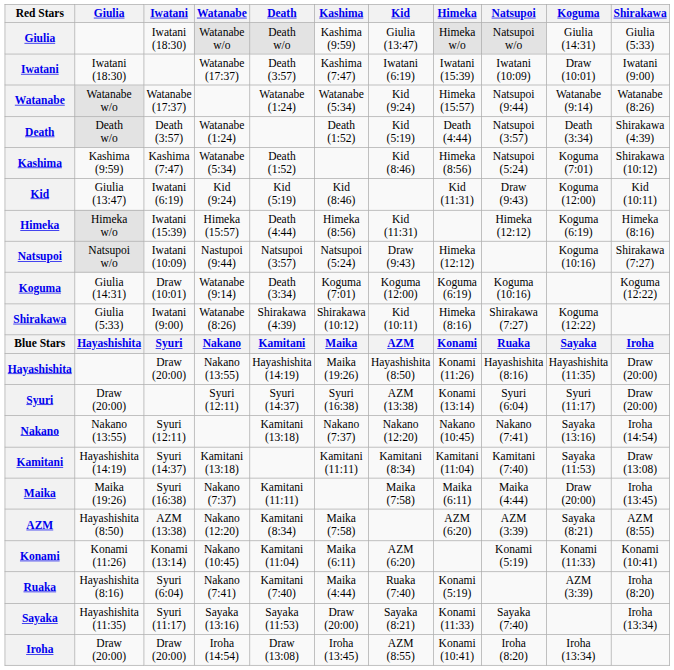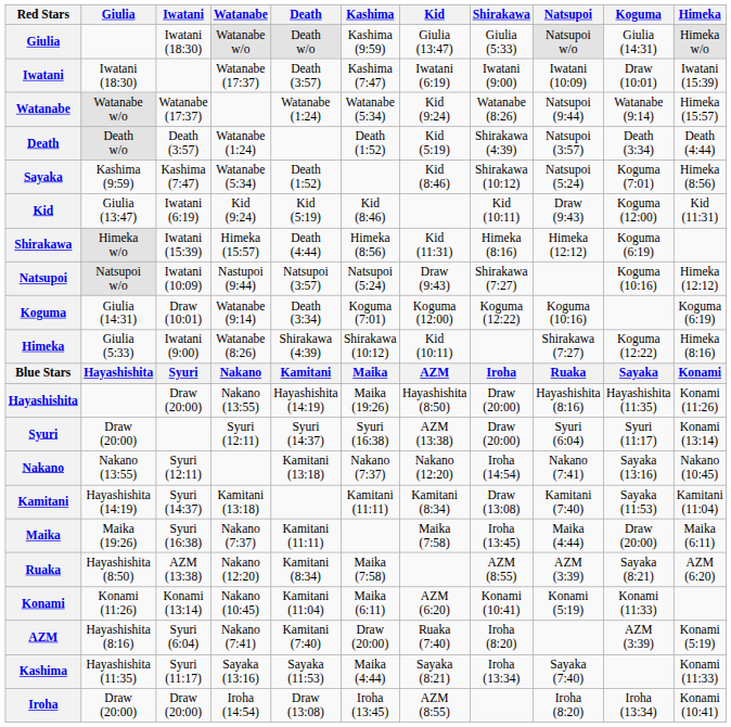 <table class="wikitable" style="text-align:center; margin: 1em auto 1em auto;" width="25%">
 <tr>
 <th>Red Stars</th>
 <th><a href='#'>Giulia</a></th>
 <th><a href='#'>Iwatani</a></th>
 <th><a href='#'>Watanabe</a></th>
 <th><a href='#'>Death</a></th>
 <th><a href='#'>Kashima</a></th>
 <th><a href='#'>Kid</a></th>
-<th><a href='#'>Himeka</a></th>
+<th><a href='#'>Shirakawa</a></th>
 <th><a href='#'>Natsupoi</a></th>
 <th><a href='#'>Koguma</a></th>
-<th><a href='#'>Shirakawa</a></th>
+<th><a href='#'>Himeka</a></th>
 </tr>
 <tr>
 <th><a href='#'>Giulia</a></th>
 <td></td>
 <td>Iwatani<br>(18:30)</td>
 <td style="background-color:#e3e3e3">Watanabe<br>w/o</td>
 <td style="background-color:#e3e3e3">Death<br>w/o</td>
 <td>Kashima<br>(9:59)</td>
 <td>Giulia<br>(13:47)</td>
-<td style="background-color:#e3e3e3">Himeka<br>w/o</td>
+<td>Giulia<br>(5:33)</td>
 <td style="background-color:#e3e3e3">Natsupoi<br>w/o</td>
 <td>Giulia<br>(14:31)</td>
-<td>Giulia<br>(5:33)</td>
+<td style="background-color:#e3e3e3">Himeka<br>w/o</td>
 </tr>
 <tr>
 <th><a href='#'>Iwatani</a></th>
 <td>Iwatani<br>(18:30)</td>
 <td></td>
 <td>Watanabe<br>(17:37)</td>
 <td>Death<br>(3:57)</td>
 <td>Kashima<br>(7:47)</td>
 <td>Iwatani<br>(6:19)</td>
-<td>Iwatani<br>(15:39)</td>
+<td>Iwatani<br>(9:00)</td>
 <td>Iwatani<br>(10:09)</td>
 <td>Draw<br>(10:01)</td>
-<td>Iwatani<br>(9:00)</td>
+<td>Iwatani<br>(15:39)</td>
 </tr>
 <tr>
 <th><a href='#'>Watanabe</a></th>
 <td style="background-color:#e3e3e3">Watanabe<br>w/o</td>
 <td>Watanabe<br>(17:37)</td>
 <td></td>
 <td>Watanabe<br>(1:24)</td>
 <td>Watanabe<br>(5:34)</td>
 <td>Kid<br>(9:24)</td>
-<td>Himeka<br>(15:57)</td>
+<td>Watanabe<br>(8:26)</td>
 <td>Natsupoi<br>(9:44)</td>
 <td>Watanabe<br>(9:14)</td>
-<td>Watanabe<br>(8:26)</td>
+<td>Himeka<br>(15:57)</td>
 </tr>
 <tr>
 <th><a href='#'>Death</a></th>
 <td style="background-color:#e3e3e3">Death<br>w/o</td>
 <td>Death<br>(3:57)</td>
 <td>Watanabe<br>(1:24)</td>
 <td></td>
 <td>Death<br>(1:52)</td>
 <td>Kid<br>(5:19)</td>
-<td>Death<br>(4:44)</td>
+<td>Shirakawa<br>(4:39)</td>
 <td>Natsupoi<br>(3:57)</td>
 <td>Death<br>(3:34)</td>
-<td>Shirakawa<br>(4:39)</td>
+<td>Death<br>(4:44)</td>
 </tr>
 <tr>
-<th><a href='#'>Kashima</a></th>
+<th><a href='#'>Sayaka</a></th>
 <td>Kashima<br>(9:59)</td>
 <td>Kashima<br>(7:47)</td>
 <td>Watanabe<br>(5:34)</td>
 <td>Death<br>(1:52)</td>
 <td></td>
 <td>Kid<br>(8:46)</td>
-<td>Himeka (8:56)</td>
+<td>Shirakawa<br>(10:12)</td>
 <td>Natsupoi<br>(5:24)</td>
 <td>Koguma<br>(7:01)</td>
-<td>Shirakawa<br>(10:12)</td>
+<td>Himeka (8:56)</td>
 </tr>
 <tr>
 <th><a href='#'>Kid</a></th>
 <td>Giulia<br>(13:47)</td>
 <td>Iwatani<br>(6:19)</td>
 <td>Kid<br>(9:24)</td>
 <td>Kid<br>(5:19)</td>
 <td>Kid<br>(8:46)</td>
 <td></td>
-<td>Kid<br>(11:31)</td>
+<td>Kid<br>(10:11)</td>
 <td>Draw<br>(9:43)</td>
 <td>Koguma<br>(12:00)</td>
-<td>Kid<br>(10:11)</td>
+<td>Kid<br>(11:31)</td>
 </tr>
 <tr>
-<th><a href='#'>Himeka</a></th>
+<th><a href='#'>Shirakawa</a></th>
 <td style="background-color:#e3e3e3">Himeka<br>w/o</td>
 <td>Iwatani<br>(15:39)</td>
 <td>Himeka<br>(15:57)</td>
 <td>Death<br>(4:44)</td>
 <td>Himeka (8:56)</td>
 <td>Kid<br>(11:31)</td>
-<td></td>
+<td>Himeka<br>(8:16)</td>
 <td>Himeka<br>(12:12)</td>
 <td>Koguma<br>(6:19)</td>
-<td>Himeka<br>(8:16)</td>
+<td></td>
 </tr>
 <tr>
 <th><a href='#'>Natsupoi</a></th>
 <td style="background-color:#e3e3e3">Natsupoi<br>w/o</td>
 <td>Iwatani<br>(10:09)</td>
 <td>Nastupoi<br>(9:44)</td>
 <td>Natsupoi<br>(3:57)</td>
 <td>Natsupoi<br>(5:24)</td>
 <td>Draw<br>(9:43)</td>
-<td>Himeka<br>(12:12)</td>
+<td>Shirakawa<br>(7:27)</td>
 <td></td>
 <td>Koguma<br>(10:16)</td>
-<td>Shirakawa<br>(7:27)</td>
+<td>Himeka<br>(12:12)</td>
 </tr>
 <tr>
 <th><a href='#'>Koguma</a></th>
 <td>Giulia<br>(14:31)</td>
 <td>Draw<br>(10:01)</td>
 <td>Watanabe<br>(9:14)</td>
 <td>Death<br>(3:34)</td>
 <td>Koguma<br>(7:01)</td>
 <td>Koguma<br>(12:00)</td>
-<td>Koguma<br>(6:19)</td>
+<td>Koguma (12:22)</td>
 <td>Koguma<br>(10:16)</td>
 <td></td>
-<td>Koguma (12:22)</td>
+<td>Koguma<br>(6:19)</td>
 </tr>
 <tr>
-<th><a href='#'>Shirakawa</a></th>
+<th><a href='#'>Himeka</a></th>
 <td>Giulia<br>(5:33)</td>
 <td>Iwatani<br>(9:00)</td>
 <td>Watanabe<br>(8:26)</td>
 <td>Shirakawa<br>(4:39)</td>
 <td>Shirakawa<br>(10:12)</td>
 <td>Kid<br>(10:11)</td>
-<td>Himeka<br>(8:16)</td>
+<td></td>
 <td>Shirakawa<br>(7:27)</td>
 <td>Koguma (12:22)</td>
-<td></td>
+<td>Himeka<br>(8:16)</td>
 </tr>
 <tr>
 <th>Blue Stars</th>
 <th><a href='#'>Hayashishita</a></th>
 <th><a href='#'>Syuri</a></th>
 <th><a href='#'>Nakano</a></th>
 <th><a href='#'>Kamitani</a></th>
 <th><a href='#'>Maika</a></th>
 <th><a href='#'>AZM</a></th>
-<th><a href='#'>Konami</a></th>
+<th><a href='#'>Iroha</a></th>
 <th><a href='#'>Ruaka</a></th>
 <th><a href='#'>Sayaka</a></th>
-<th><a href='#'>Iroha</a></th>
+<th><a href='#'>Konami</a></th>
 </tr>
 <tr>
 <th><a href='#'>Hayashishita</a></th>
 <td></td>
 <td>Draw<br>(20:00)</td>
 <td>Nakano<br>(13:55)</td>
 <td>Hayashishita<br>(14:19)</td>
 <td>Maika<br>(19:26)</td>
 <td>Hayashishita<br>(8:50)</td>
-<td>Konami<br>(11:26)</td>
+<td>Draw<br>(20:00)</td>
 <td>Hayashishita (8:16)</td>
 <td>Hayashishita (11:35)</td>
-<td>Draw<br>(20:00)</td>
+<td>Konami<br>(11:26)</td>
 </tr>
 <tr>
 <th><a href='#'>Syuri</a></th>
 <td>Draw<br>(20:00)</td>
 <td></td>
 <td>Syuri<br>(12:11)</td>
 <td>Syuri<br>(14:37)</td>
 <td>Syuri<br>(16:38)</td>
 <td>AZM<br>(13:38)</td>
-<td>Konami<br>(13:14)</td>
+<td>Draw<br>(20:00)</td>
 <td>Syuri<br>(6:04)</td>
 <td>Syuri<br>(11:17)</td>
-<td>Draw<br>(20:00)</td>
+<td>Konami<br>(13:14)</td>
 </tr>
 <tr>
 <th><a href='#'>Nakano</a></th>
 <td>Nakano<br>(13:55)</td>
 <td>Syuri<br>(12:11)</td>
 <td></td>
 <td>Kamitani<br>(13:18)</td>
 <td>Nakano<br>(7:37)</td>
 <td>Nakano<br>(12:20)</td>
-<td>Nakano<br>(10:45)</td>
+<td>Iroha<br>(14:54)</td>
 <td>Nakano<br>(7:41)</td>
 <td>Sayaka<br>(13:16)</td>
-<td>Iroha<br>(14:54)</td>
+<td>Nakano<br>(10:45)</td>
 </tr>
 <tr>
 <th><a href='#'>Kamitani</a></th>
 <td>Hayashishita<br>(14:19)</td>
 <td>Syuri<br>(14:37)</td>
 <td>Kamitani<br>(13:18)</td>
 <td></td>
 <td>Kamitani<br>(11:11)</td>
 <td>Kamitani<br>(8:34)</td>
-<td>Kamitani<br>(11:04)</td>
+<td>Draw<br>(13:08)</td>
 <td>Kamitani<br>(7:40)</td>
 <td>Sayaka<br>(11:53)</td>
-<td>Draw<br>(13:08)</td>
+<td>Kamitani<br>(11:04)</td>
 </tr>
 <tr>
 <th><a href='#'>Maika</a></th>
 <td>Maika<br>(19:26)</td>
 <td>Syuri<br>(16:38)</td>
 <td>Nakano<br>(7:37)</td>
 <td>Kamitani<br>(11:11)</td>
 <td></td>
 <td>Maika<br>(7:58)</td>
-<td>Maika<br>(6:11)</td>
+<td>Iroha<br>(13:45)</td>
 <td>Maika<br>(4:44)</td>
 <td>Draw<br>(20:00)</td>
-<td>Iroha<br>(13:45)</td>
+<td>Maika<br>(6:11)</td>
 </tr>
 <tr>
-<th><a href='#'>AZM</a></th>
+<th><a href='#'>Ruaka</a></th>
 <td>Hayashishita<br>(8:50)</td>
 <td>AZM<br>(13:38)</td>
 <td>Nakano<br>(12:20)</td>
 <td>Kamitani<br>(8:34)</td>
 <td>Maika<br>(7:58)</td>
 <td></td>
-<td>AZM<br>(6:20)</td>
+<td>AZM<br>(8:55)</td>
 <td>AZM<br>(3:39)</td>
 <td>Sayaka<br>(8:21)</td>
-<td>AZM<br>(8:55)</td>
+<td>AZM<br>(6:20)</td>
 </tr>
 <tr>
 <th><a href='#'>Konami</a></th>
 <td>Konami<br>(11:26)</td>
 <td>Konami<br>(13:14)</td>
 <td>Nakano<br>(10:45)</td>
 <td>Kamitani<br>(11:04)</td>
 <td>Maika<br>(6:11)</td>
 <td>AZM<br>(6:20)</td>
-<td></td>
+<td>Konami<br>(10:41)</td>
 <td>Konami<br>(5:19)</td>
 <td>Konami<br>(11:33)</td>
-<td>Konami<br>(10:41)</td>
+<td></td>
 </tr>
 <tr>
-<th><a href='#'>Ruaka</a></th>
+<th><a href='#'>AZM</a></th>
 <td>Hayashishita (8:16)</td>
 <td>Syuri<br>(6:04)</td>
 <td>Nakano<br>(7:41)</td>
 <td>Kamitani<br>(7:40)</td>
-<td>Maika<br>(4:44)</td>
+<td>Draw<br>(20:00)</td>
 <td>Ruaka<br>(7:40)</td>
-<td>Konami<br>(5:19)</td>
+<td>Iroha<br>(8:20)</td>
 <td></td>
 <td>AZM<br>(3:39)</td>
-<td>Iroha<br>(8:20)</td>
+<td>Konami<br>(5:19)</td>
 </tr>
 <tr>
-<th><a href='#'>Sayaka</a></th>
+<th><a href='#'>Kashima</a></th>
 <td>Hayashishita (11:35)</td>
 <td>Syuri<br>(11:17)</td>
 <td>Sayaka<br>(13:16)</td>
 <td>Sayaka<br>(11:53)</td>
-<td>Draw<br>(20:00)</td>
+<td>Maika<br>(4:44)</td>
 <td>Sayaka<br>(8:21)</td>
-<td>Konami<br>(11:33)</td>
+<td>Iroha<br>(13:34)</td>
 <td>Sayaka<br>(7:40)</td>
 <td></td>
-<td>Iroha<br>(13:34)</td>
+<td>Konami<br>(11:33)</td>
 </tr>
 <tr>
 <th><a href='#'>Iroha</a></th>
 <td>Draw<br>(20:00)</td>
 <td>Draw<br>(20:00)</td>
 <td>Iroha<br>(14:54)</td>
 <td>Draw<br>(13:08)</td>
 <td>Iroha<br>(13:45)</td>
 <td>AZM<br>(8:55)</td>
-<td>Konami<br>(10:41)</td>
+<td></td>
 <td>Iroha<br>(8:20)</td>
 <td>Iroha<br>(13:34)</td>
-<td></td>
+<td>Konami<br>(10:41)</td>
 </tr>
 </table>
